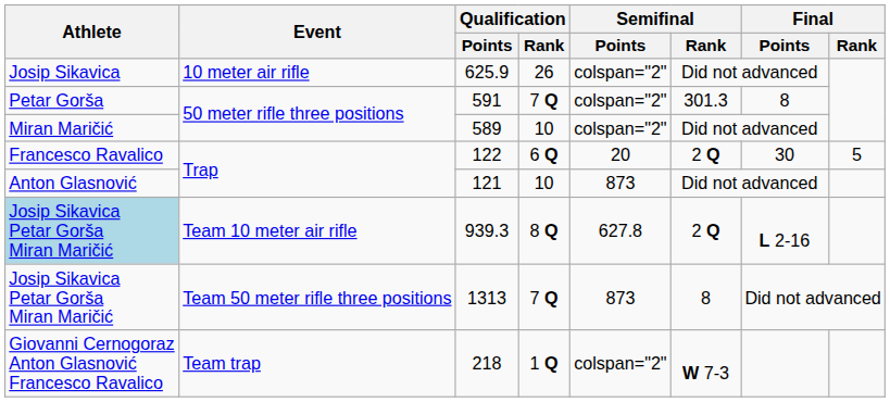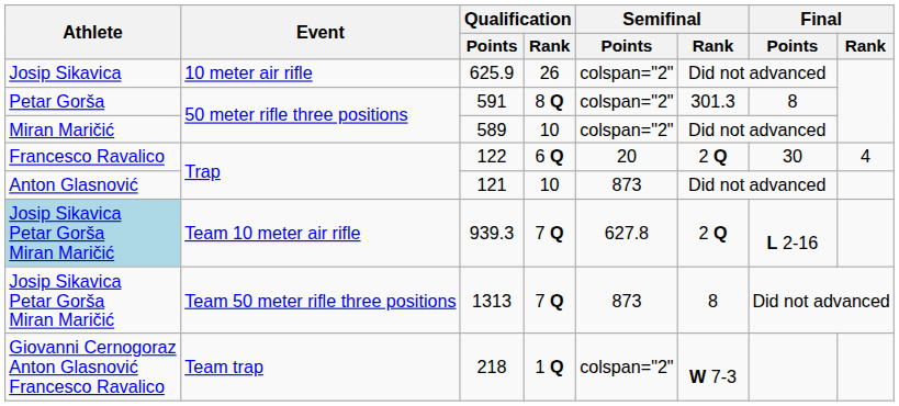 <table class="wikitable" style="font-size:90%">
 <tr>
 <th rowspan="2">Athlete</th>
 <th rowspan="2">Event</th>
 <th colspan=2>Qualification</th>
 <th colspan="2">Semifinal</th>
 <th colspan="2">Final</th>
 </tr>
 <tr style="font-size:95%">
 <th>Points</th>
 <th>Rank</th>
 <th>Points</th>
 <th>Rank</th>
 <th>Points</th>
 <th>Rank</th>
 </tr>
 <tr align=center>
 <td align=left><a href='#'>Josip Sikavica</a></td>
 <td align=left><a href='#'>10 meter air rifle</a></td>
 <td>625.9</td>
 <td>26</td>
 <td>colspan="2" </td>
 <td colspan="2">Did not advanced</td>
 </tr>
 <tr align="center">
 <td align="left"><a href='#'>Petar Gorša</a></td>
 <td rowspan="2" align="left"><a href='#'>50 meter rifle three positions</a></td>
 <td>591</td>
-<td>7 <strong>Q</strong></td>
+<td>8 <strong>Q</strong></td>
 <td>colspan="2" </td>
 <td>301.3</td>
 <td>8</td>
 </tr>
 <tr align="center">
 <td align=left><a href='#'>Miran Maričić</a></td>
 <td>589</td>
 <td>10</td>
 <td>colspan="2" </td>
 <td colspan="2">Did not advanced</td>
 </tr>
 <tr align=center>
 <td align=left><a href='#'>Francesco Ravalico</a></td>
 <td align=left rowspan=2><a href='#'>Trap</a></td>
 <td>122</td>
 <td>6 <strong>Q</strong></td>
 <td>20</td>
 <td>2 <strong>Q</strong></td>
 <td>30</td>
-<td>5</td>
+<td>4</td>
 </tr>
 <tr align=center>
 <td align=left><a href='#'>Anton Glasnović</a></td>
 <td>121</td>
 <td>10</td>
 <td>873</td>
 <td colspan="2">Did not advanced</td>
 </tr>
 <tr align="center">
 <td align=left style="background: lightblue;"><a href='#'>Josip Sikavica</a><br><a href='#'>Petar Gorša</a><br><a href='#'>Miran Maričić</a></td>
 <td align=left><a href='#'>Team 10 meter air rifle</a></td>
 <td>939.3</td>
-<td>8 <strong>Q</strong></td>
+<td>7 <strong>Q</strong></td>
 <td>627.8</td>
 <td>2 <strong>Q</strong></td>
 <td><br><strong>L</strong> 2-16</td>
 <td></td>
 </tr>
 <tr align="center">
 <td align=left><a href='#'>Josip Sikavica</a><br><a href='#'>Petar Gorša</a><br><a href='#'>Miran Maričić</a></td>
 <td><a href='#'>Team 50 meter rifle three positions</a></td>
 <td>1313</td>
 <td>7 <strong>Q</strong></td>
 <td>873</td>
 <td>8</td>
 <td colspan="2">Did not advanced</td>
 </tr>
 <tr align="center">
 <td align=left><a href='#'>Giovanni Cernogoraz</a><br><a href='#'>Anton Glasnović</a><br><a href='#'>Francesco Ravalico</a></td>
 <td align=left><a href='#'>Team trap</a></td>
 <td>218</td>
 <td>1 <strong>Q</strong></td>
 <td>colspan="2" </td>
 <td><br><strong>W</strong> 7-3</td>
 <td></td>
 </tr>
 </table>
